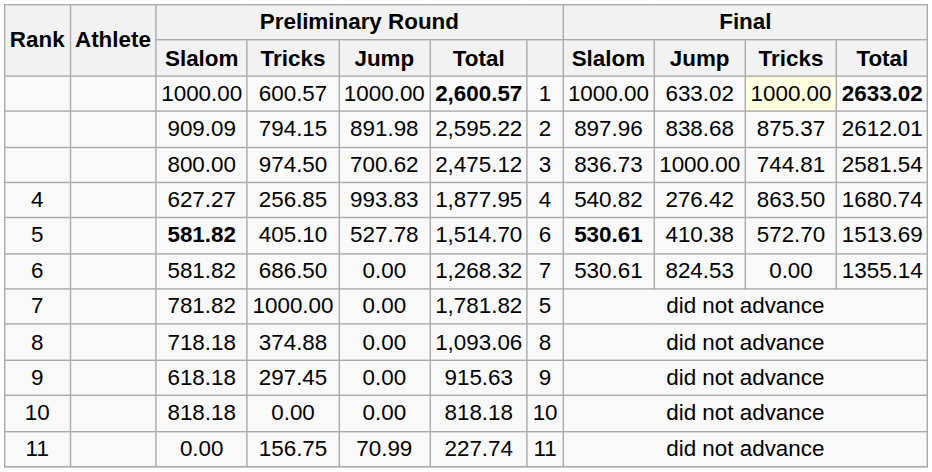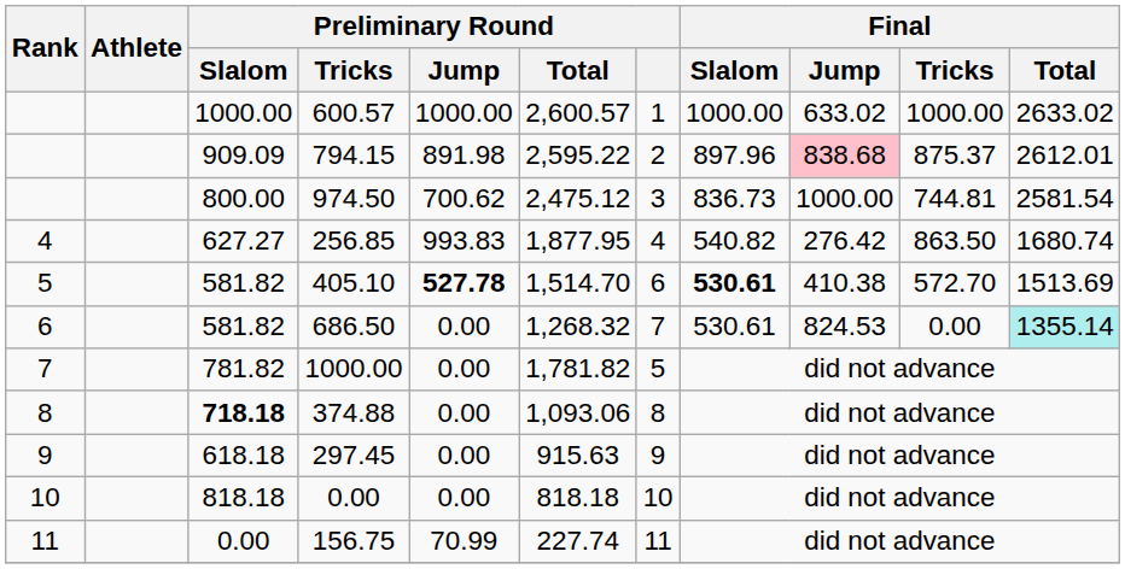 <table class="wikitable sortable" style="text-align:center;">
 <tr>
 <th rowspan="2">Rank</th>
 <th rowspan="2">Athlete</th>
 <th colspan="5">Preliminary Round</th>
 <th colspan="4">Final</th>
 </tr>
 <tr>
 <th>Slalom</th>
 <th>Tricks</th>
 <th>Jump</th>
 <th>Total</th>
 <th></th>
 <th>Slalom</th>
 <th>Jump</th>
 <th>Tricks</th>
 <th>Total</th>
 </tr>
 <tr>
 <td></td>
 <td align=left></td>
 <td>1000.00</td>
 <td>600.57</td>
 <td>1000.00</td>
-<td><strong>2,600.57</strong></td>
+<td>2,600.57</td>
 <td>1</td>
 <td>1000.00</td>
 <td>633.02</td>
-<td style="background: lightyellow;">1000.00</td>
-<td><strong>2633.02</strong></td>
+<td>1000.00</td>
+<td>2633.02</td>
 </tr>
 <tr>
 <td></td>
 <td align=left></td>
 <td>909.09</td>
 <td>794.15</td>
 <td>891.98</td>
 <td>2,595.22</td>
 <td>2</td>
 <td>897.96</td>
-<td>838.68</td>
+<td style="background: pink;">838.68</td>
 <td>875.37</td>
 <td>2612.01</td>
 </tr>
 <tr>
 <td></td>
 <td align=left></td>
 <td>800.00</td>
 <td>974.50</td>
 <td>700.62</td>
 <td>2,475.12</td>
 <td>3</td>
 <td>836.73</td>
 <td>1000.00</td>
 <td>744.81</td>
 <td>2581.54</td>
 </tr>
 <tr>
 <td>4</td>
 <td align=left></td>
 <td>627.27</td>
 <td>256.85</td>
 <td>993.83</td>
 <td>1,877.95</td>
 <td>4</td>
 <td>540.82</td>
 <td>276.42</td>
 <td>863.50</td>
 <td>1680.74</td>
 </tr>
 <tr>
 <td>5</td>
 <td align=left></td>
-<td><strong>581.82</strong></td>
+<td>581.82</td>
 <td>405.10</td>
-<td>527.78</td>
+<td><strong>527.78</strong></td>
 <td>1,514.70</td>
 <td>6</td>
 <td><strong>530.61</strong></td>
 <td>410.38</td>
 <td>572.70</td>
 <td>1513.69</td>
 </tr>
 <tr>
 <td>6</td>
 <td align=left></td>
 <td>581.82</td>
 <td>686.50</td>
 <td>0.00</td>
 <td>1,268.32</td>
 <td>7</td>
 <td>530.61</td>
 <td>824.53</td>
 <td>0.00</td>
-<td>1355.14</td>
+<td style="background: paleturquoise;">1355.14</td>
 </tr>
 <tr>
 <td>7</td>
 <td align=left></td>
 <td>781.82</td>
 <td>1000.00</td>
 <td>0.00</td>
 <td>1,781.82</td>
 <td>5</td>
 <td colspan="4">did not advance</td>
 </tr>
 <tr>
 <td>8</td>
 <td align=left></td>
-<td>718.18</td>
+<td><strong>718.18</strong></td>
 <td>374.88</td>
 <td>0.00</td>
 <td>1,093.06</td>
 <td>8</td>
 <td colspan="4">did not advance</td>
 </tr>
 <tr>
 <td>9</td>
 <td align=left></td>
 <td>618.18</td>
 <td>297.45</td>
 <td>0.00</td>
 <td>915.63</td>
 <td>9</td>
 <td colspan="4">did not advance</td>
 </tr>
 <tr>
 <td>10</td>
 <td align=left></td>
 <td>818.18</td>
 <td>0.00</td>
 <td>0.00</td>
 <td>818.18</td>
 <td>10</td>
 <td colspan="4">did not advance</td>
 </tr>
 <tr>
 <td>11</td>
 <td align=left></td>
 <td>0.00</td>
 <td>156.75</td>
 <td>70.99</td>
 <td>227.74</td>
 <td>11</td>
 <td colspan="4">did not advance</td>
 </tr>
 <tr>
 </tr>
 </table>
